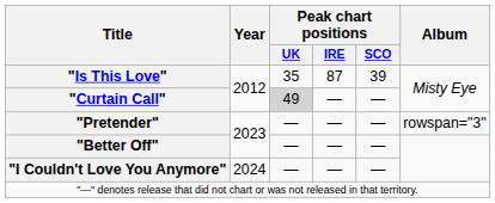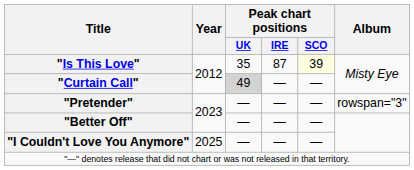 <table class="wikitable plainrowheaders" style="text-align:center;">
 <tr>
 <th scope="col" rowspan="2">Title</th>
 <th scope="col" rowspan="2">Year</th>
 <th scope="col" colspan="3">Peak chart positions</th>
 <th scope="col" rowspan="2">Album</th>
 </tr>
 <tr>
 <th scope="col" style="width:3em;font-size:85%;"><a href='#'>UK</a><br></th>
 <th scope="col" style="width:3em;font-size:85%;"><a href='#'>IRE</a></th>
 <th scope="col" style="width:3em;font-size:85%;"><a href='#'>SCO</a><br></th>
 </tr>
 <tr>
 <th scope="row">"<a href='#'>Is This Love</a>"</th>
 <td rowspan=2>2012</td>
 <td>35</td>
 <td>87</td>
-<td>39</td>
+<td style="background: lightyellow;">39</td>
 <td rowspan=2><em>Misty Eye</em></td>
 </tr>
 <tr>
 <th scope="row">"<a href='#'>Curtain Call</a>"</th>
 <td style="background: lightgrey;">49</td>
 <td>—</td>
 <td>—</td>
 </tr>
 <tr>
 <th scope="row">"Pretender"</th>
 <td rowspan=2>2023</td>
 <td>—</td>
 <td>—</td>
 <td>—</td>
 <td>rowspan="3" </td>
 </tr>
 <tr>
 <th scope="row">"Better Off"</th>
 <td>—</td>
 <td>—</td>
 <td>—</td>
 </tr>
 <tr>
 <th scope="row">"I Couldn't Love You Anymore"</th>
-<td>2024</td>
+<td>2025</td>
 <td>—</td>
 <td>—</td>
 <td>—</td>
 </tr>
 <tr>
 <td colspan="8" style="font-size:8.5pt">"—" denotes release that did not chart or was not released in that territory.</td>
 </tr>
 </table>
